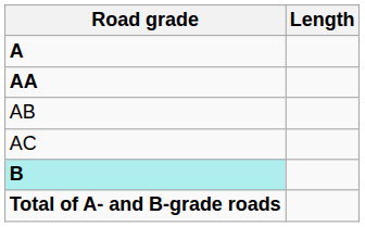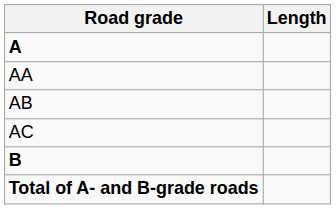 <table class="wikitable">
 <tr>
 <th>Road grade</th>
 <th>Length</th>
 </tr>
 <tr>
 <td><strong>A</strong></td>
 <td><strong></strong></td>
 </tr>
 <tr>
-<td><strong>AA</strong></td>
+<td>AA</td>
 <td></td>
 </tr>
 <tr>
 <td>AB</td>
 <td></td>
 </tr>
 <tr>
 <td>AC</td>
 <td></td>
 </tr>
 <tr>
-<td style="background: paleturquoise;"><strong>B</strong></td>
+<td><strong>B</strong></td>
 <td><strong></strong></td>
 </tr>
 <tr>
 <td><strong>Total of A- and B-grade roads</strong></td>
 <td><strong></strong></td>
 </tr>
 </table>
